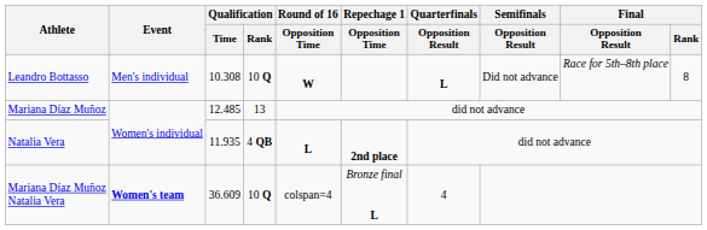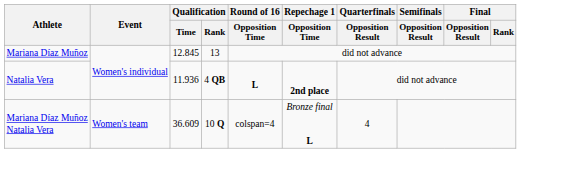 <table class="wikitable" style="font-size:90%;">
 <tr>
 <th rowspan=2>Athlete</th>
 <th rowspan=2>Event</th>
 <th colspan=2>Qualification</th>
 <th>Round of 16</th>
 <th>Repechage 1</th>
 <th>Quarterfinals</th>
 <th>Semifinals</th>
 <th colspan=2>Final</th>
 </tr>
 <tr style="font-size:95%">
 <th>Time</th>
 <th>Rank</th>
 <th>Opposition<br>Time</th>
 <th>Opposition<br>Time</th>
 <th>Opposition<br>Result</th>
 <th>Opposition<br>Result</th>
 <th>Opposition<br>Result</th>
 <th>Rank</th>
 </tr>
 <tr style="text-align:center">
-<td style="text-align:left"><a href='#'>Leandro Bottasso</a></td>
-<td style="text-align:left"><a href='#'>Men's individual</a></td>
-<td>10.308</td>
-<td>10 <strong>Q</strong></td>
-<td><br><strong>W</strong></td>
-<td></td>
-<td><br><strong>L</strong></td>
-<td>Did not advance</td>
-<td><em>Race for 5th–8th place</em><br><br><br></td>
-<td>8</td>
-</tr>
-<tr style="text-align:center">
 <td style="text-align:left"><a href='#'>Mariana Díaz Muñoz</a></td>
 <td style="text-align:left" rowspan=2><a href='#'>Women's individual</a></td>
-<td>12.485</td>
+<td>12.845</td>
 <td>13</td>
 <td colspan=6>did not advance</td>
 </tr>
 <tr style="text-align:center">
 <td style="text-align:left"><a href='#'>Natalia Vera</a></td>
-<td>11.935</td>
+<td>11.936</td>
 <td>4 <strong>QB</strong></td>
 <td><br><strong>L</strong></td>
 <td><strong><br><br>2nd place</strong></td>
 <td colspan=4>did not advance</td>
 </tr>
 <tr style="text-align:center">
 <td style="text-align:left"><a href='#'>Mariana Díaz Muñoz</a><br><a href='#'>Natalia Vera</a></td>
-<td style="text-align:left"><strong><a href='#'>Women's team</a></strong></td>
+<td style="text-align:left"><a href='#'>Women's team</a></td>
 <td>36.609</td>
 <td>10 <strong>Q</strong></td>
 <td>colspan=4 </td>
 <td><em>Bronze final</em><br><br><br><strong>L</strong></td>
 <td>4</td>
 </tr>
 </table>
